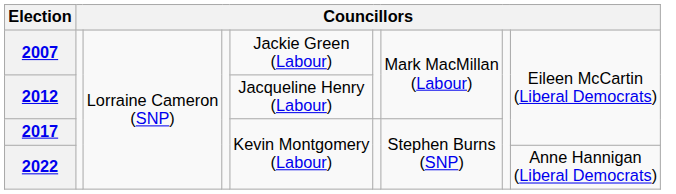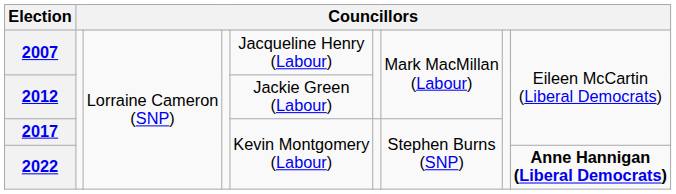 <table class="wikitable" style="text-align:center">
 <tr>
 <th>Election</th>
 <th colspan=8>Councillors</th>
 </tr>
 <tr>
 <th><a href='#'>2007</a></th>
 <td rowspan=4 style="color:inherit;background-color: "></td>
 <td rowspan=4>Lorraine Cameron<br>(<a href='#'>SNP</a>)</td>
 <td rowspan=4 style="color:inherit;background-color: "></td>
-<td rowspan=1>Jackie Green<br>(<a href='#'>Labour</a>)</td>
+<td rowspan=1>Jacqueline Henry<br>(<a href='#'>Labour</a>)</td>
 <td rowspan=2 style="color:inherit;background-color: "></td>
 <td rowspan=2>Mark MacMillan<br>(<a href='#'>Labour</a>)</td>
 <td rowspan=4 style="color:inherit;background-color: "></td>
 <td rowspan=3>Eileen McCartin<br>(<a href='#'>Liberal Democrats</a>)</td>
 </tr>
 <tr>
 <th><a href='#'>2012</a></th>
-<td rowspan=1>Jacqueline Henry<br>(<a href='#'>Labour</a>)</td>
+<td rowspan=1>Jackie Green<br>(<a href='#'>Labour</a>)</td>
 </tr>
 <tr>
 <th><a href='#'>2017</a></th>
 <td rowspan=2>Kevin Montgomery<br>(<a href='#'>Labour</a>)</td>
 <td rowspan=2 style="color:inherit;background-color: "></td>
 <td rowspan=2>Stephen Burns<br>(<a href='#'>SNP</a>)</td>
 </tr>
 <tr>
 <th><a href='#'>2022</a></th>
-<td rowspan=1>Anne Hannigan<br>(<a href='#'>Liberal Democrats</a>)</td>
+<td rowspan=1><strong>Anne Hannigan<br>(<a href='#'>Liberal Democrats</a>)</strong></td>
 </tr>
 </table>
